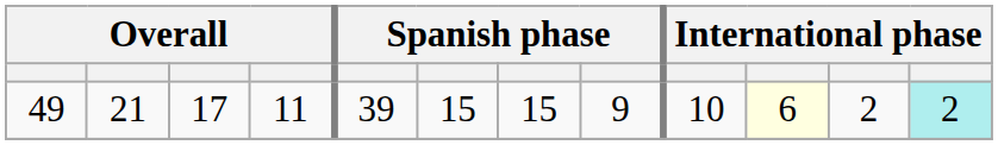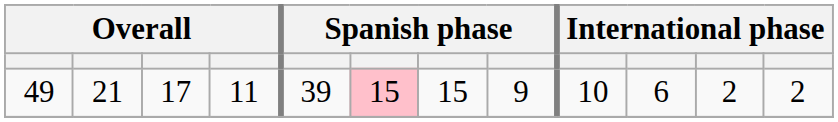 <table class=wikitable style="text-align:center">
 <tr>
 <th colspan=4 style="border-right:3px solid grey;">Overall</th>
 <th colspan=4 style="border-right:3px solid grey;">Spanish phase</th>
 <th colspan=4>International phase</th>
 </tr>
 <tr>
 <th width=28></th>
 <th width=28></th>
 <th width=28></th>
 <th style="border-right:3px solid grey;" width=28></th>
 <th width=28></th>
 <th width=28></th>
 <th width=28></th>
 <th style="border-right:3px solid grey;" width=28></th>
 <th width=28></th>
 <th width=28></th>
 <th width=28></th>
 <th width=28></th>
 </tr>
 <tr>
 <td>49</td>
 <td>21</td>
 <td>17</td>
 <td style="border-right:3px solid grey;">11</td>
 <td>39</td>
-<td>15</td>
+<td style="background: pink;">15</td>
 <td>15</td>
 <td style="border-right:3px solid grey;">9</td>
 <td>10</td>
-<td style="background: lightyellow;">6</td>
+<td>6</td>
 <td>2</td>
-<td style="background: paleturquoise;">2</td>
+<td>2</td>
 </tr>
 <tr>
 </tr>
 </table>
